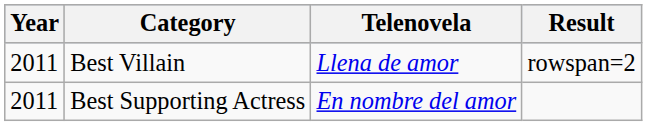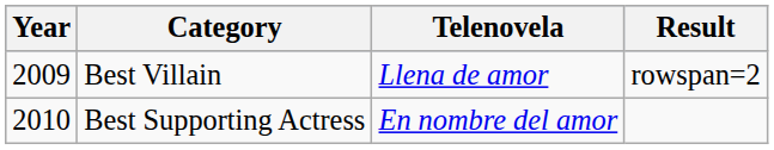 <table class="wikitable">
 <tr style="background:#b0c4de;">
 <th>Year</th>
 <th>Category</th>
 <th>Telenovela</th>
 <th>Result</th>
 </tr>
 <tr>
-<td>2011</td>
+<td>2009</td>
 <td>Best Villain</td>
 <td><em><a href='#'>Llena de amor</a></em></td>
 <td>rowspan=2 </td>
 </tr>
 <tr>
-<td>2011</td>
+<td>2010</td>
 <td>Best Supporting Actress</td>
 <td><em><a href='#'>En nombre del amor</a></em></td>
 </tr>
 </table>
